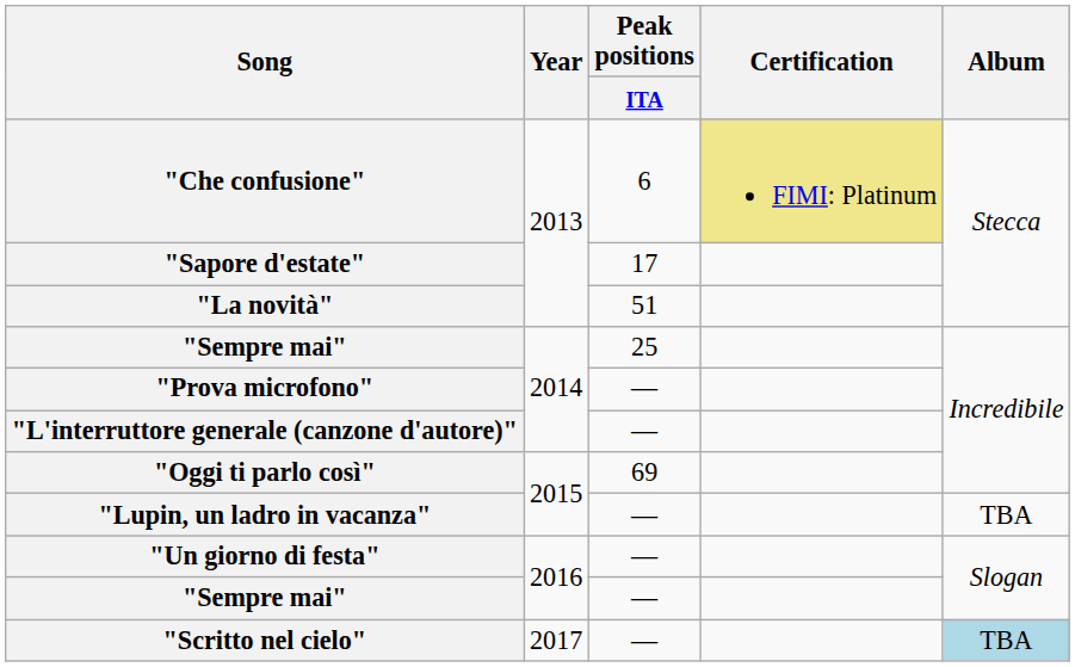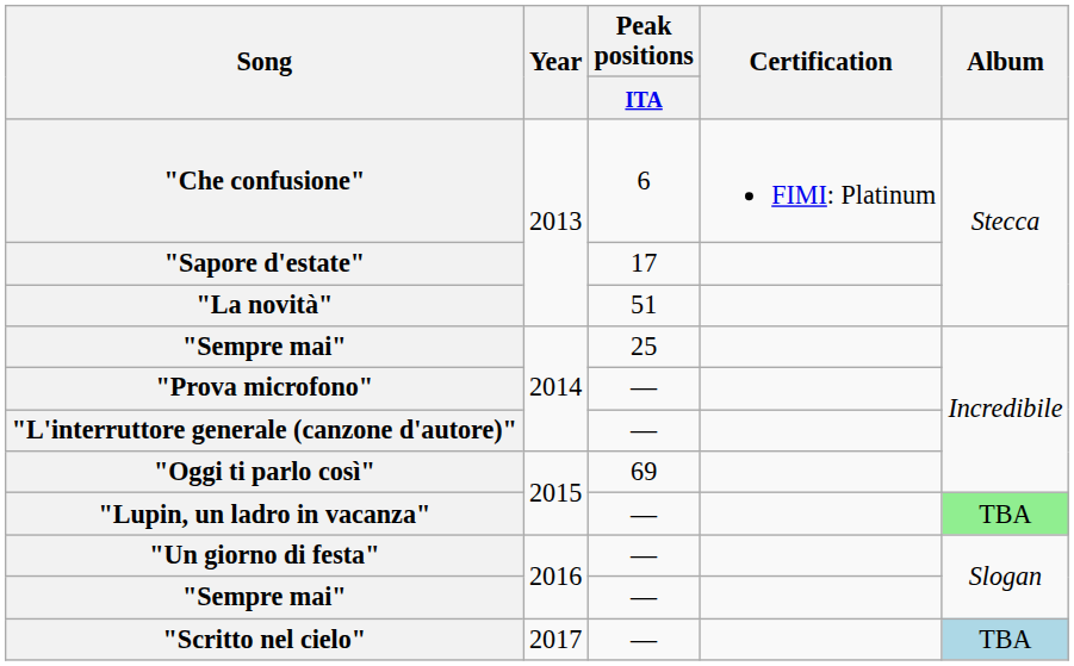 <table class="wikitable plainrowheaders" style="text-align:center;">
 <tr>
 <th rowspan="2">Song</th>
 <th rowspan="2">Year</th>
 <th colspan="1">Peak positions</th>
 <th rowspan="2">Certification</th>
 <th rowspan="2">Album</th>
 </tr>
 <tr>
 <th width="35"><small><a href='#'>ITA</a></small></th>
 </tr>
 <tr>
 <th scope="row">"Che confusione"</th>
 <td rowspan="3">2013</td>
 <td>6</td>
-<td style="background: khaki;"><br><ul><li><a href='#'>FIMI</a>: Platinum</li></ul></td>
+<td><br><ul><li><a href='#'>FIMI</a>: Platinum</li></ul></td>
 <td rowspan="3" style="text-align:center;"><em>Stecca</em></td>
 </tr>
 <tr>
 <th scope="row">"Sapore d'estate"</th>
 <td>17</td>
 <td></td>
 </tr>
 <tr>
 <th scope="row">"La novità"</th>
 <td>51</td>
 <td></td>
 </tr>
 <tr>
 <th scope="row">"Sempre mai"</th>
 <td rowspan="3">2014</td>
 <td>25</td>
 <td></td>
 <td rowspan="4"><em>Incredibile</em></td>
 </tr>
 <tr>
 <th scope="row">"Prova microfono"</th>
 <td>—</td>
 <td></td>
 </tr>
 <tr>
 <th scope="row">"L'interruttore generale (canzone d'autore)"</th>
 <td>—</td>
 <td></td>
 </tr>
 <tr>
 <th scope="row">"Oggi ti parlo così"</th>
 <td rowspan="2">2015</td>
 <td>69</td>
 <td></td>
 </tr>
 <tr>
 <th scope="row">"Lupin, un ladro in vacanza"</th>
 <td>—</td>
 <td></td>
-<td>TBA</td>
+<td style="background: lightgreen;">TBA</td>
 </tr>
 <tr>
 <th scope="row">"Un giorno di festa"</th>
 <td rowspan="2">2016</td>
 <td>—</td>
 <td></td>
 <td rowspan="2"><em>Slogan</em></td>
 </tr>
 <tr>
 <th scope="row">"Sempre mai"</th>
 <td>—</td>
 <td></td>
 </tr>
 <tr>
 <th scope="row">"Scritto nel cielo"</th>
 <td>2017</td>
 <td>—</td>
 <td></td>
 <td style="background: lightblue;">TBA</td>
 </tr>
 </table>
